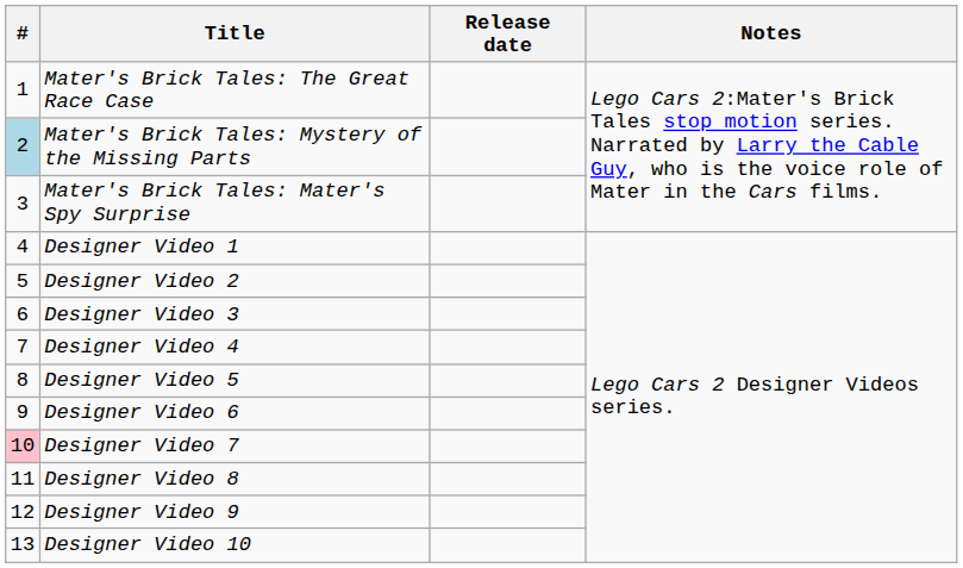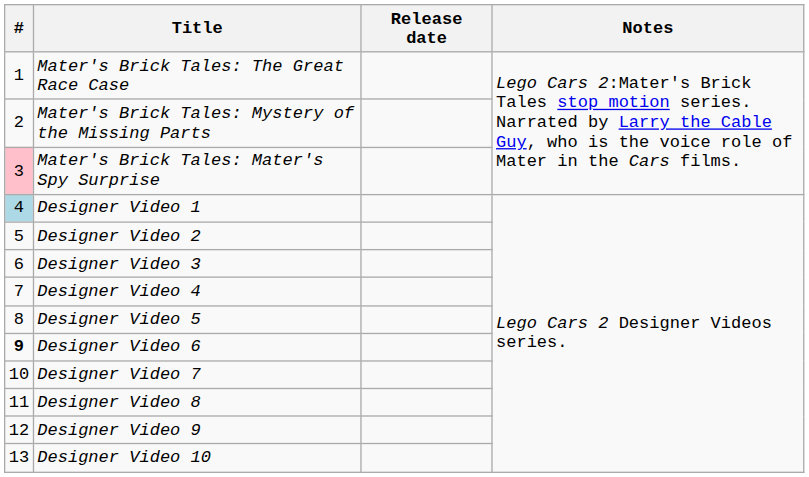 <table class="wikitable sortable">
 <tr>
 <th width=10>#</th>
 <th width=321>Title</th>
 <th width=110>Release date</th>
 <th width=300>Notes</th>
 </tr>
 <tr>
 <td align="center">1</td>
 <td><em>Mater's Brick Tales: The Great Race Case</em></td>
 <td align="right"></td>
 <td rowspan="3"><em>Lego Cars 2</em>:Mater's Brick Tales <a href='#'>stop motion</a> series. Narrated by <a href='#'>Larry the Cable Guy</a>, who is the voice role of Mater in the <em>Cars</em> films.</td>
 </tr>
 <tr>
-<td align="center" style="background: lightblue;">2</td>
+<td align="center">2</td>
 <td><em>Mater's Brick Tales: Mystery of the Missing Parts</em></td>
 <td align="right"></td>
 </tr>
 <tr>
-<td align="center">3</td>
+<td align="center" style="background: pink;">3</td>
 <td><em>Mater's Brick Tales: Mater's Spy Surprise</em></td>
 <td align="right"></td>
 </tr>
 <tr>
-<td align="center">4</td>
+<td align="center" style="background: lightblue;">4</td>
 <td><em>Designer Video 1</em></td>
 <td align="right"></td>
 <td rowspan="10"><em>Lego Cars 2</em> Designer Videos series.</td>
 </tr>
 <tr>
 <td align="center">5</td>
 <td><em>Designer Video 2</em></td>
 <td align="right"></td>
 </tr>
 <tr>
 <td align="center">6</td>
 <td><em>Designer Video 3</em></td>
 <td align="right"></td>
 </tr>
 <tr>
 <td align="center">7</td>
 <td><em>Designer Video 4</em></td>
 <td align="right"></td>
 </tr>
 <tr>
 <td align="center">8</td>
 <td><em>Designer Video 5</em></td>
 <td align="right"></td>
 </tr>
 <tr>
-<td align="center">9</td>
+<td align="center"><strong>9</strong></td>
 <td><em>Designer Video 6</em></td>
 <td align="right"></td>
 </tr>
 <tr>
-<td align="center" style="background: pink;">10</td>
+<td align="center">10</td>
 <td><em>Designer Video 7</em></td>
 <td align="right"></td>
 </tr>
 <tr>
 <td align="center">11</td>
 <td><em>Designer Video 8</em></td>
 <td align="right"></td>
 </tr>
 <tr>
 <td align="center">12</td>
 <td><em>Designer Video 9</em></td>
 <td align="right"></td>
 </tr>
 <tr>
 <td align="center">13</td>
 <td><em>Designer Video 10</em></td>
 <td align="right"></td>
 </tr>
 </table>
